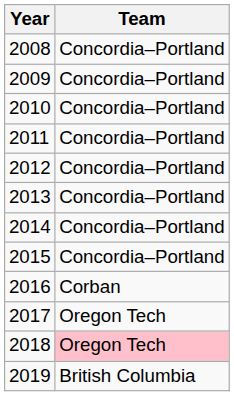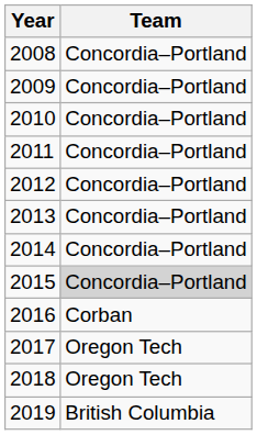 <table class="wikitable">
 <tr>
 <th>Year</th>
 <th>Team</th>
 </tr>
 <tr>
 <td>2008</td>
 <td>Concordia–Portland</td>
 </tr>
 <tr>
 <td>2009</td>
 <td>Concordia–Portland</td>
 </tr>
 <tr>
 <td>2010</td>
 <td>Concordia–Portland</td>
 </tr>
 <tr>
 <td>2011</td>
 <td>Concordia–Portland</td>
 </tr>
 <tr>
 <td>2012</td>
 <td>Concordia–Portland</td>
 </tr>
 <tr>
 <td>2013</td>
 <td>Concordia–Portland</td>
 </tr>
 <tr>
 <td>2014</td>
 <td>Concordia–Portland</td>
 </tr>
 <tr>
 <td>2015</td>
-<td>Concordia–Portland</td>
+<td style="background: lightgrey;">Concordia–Portland</td>
 </tr>
 <tr>
 <td>2016</td>
 <td>Corban</td>
 </tr>
 <tr>
 <td>2017</td>
 <td>Oregon Tech</td>
 </tr>
 <tr>
 <td>2018</td>
-<td style="background: pink;">Oregon Tech</td>
+<td>Oregon Tech</td>
 </tr>
 <tr>
 <td>2019</td>
 <td>British Columbia</td>
 </tr>
 </table>
